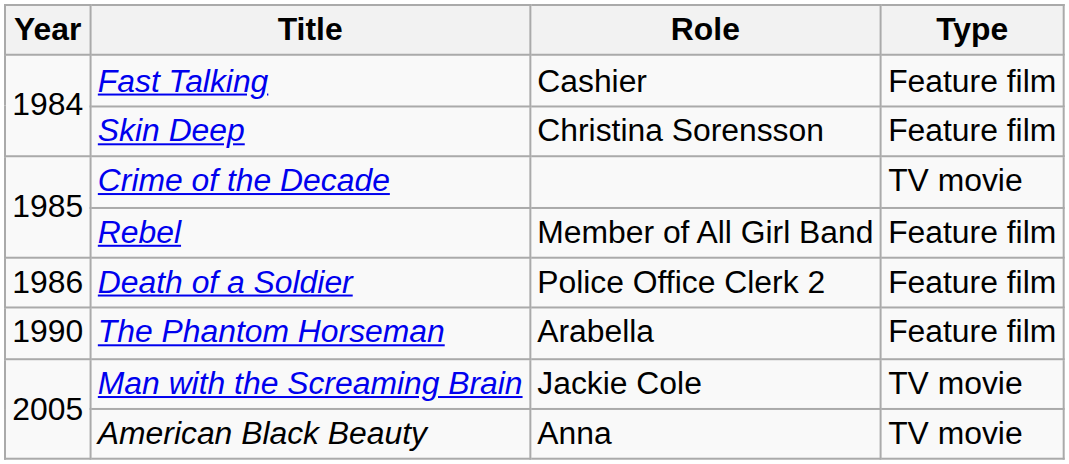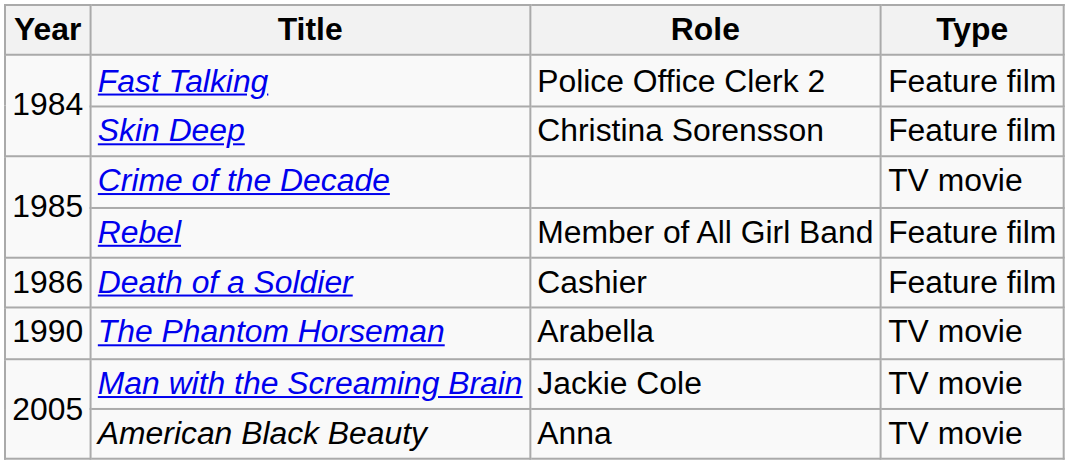 <table class="wikitable">
 <tr>
 <th>Year</th>
 <th>Title</th>
 <th>Role</th>
 <th>Type</th>
 </tr>
 <tr>
 <td rowspan=2>1984</td>
 <td><em><a href='#'>Fast Talking</a></em></td>
-<td>Cashier</td>
+<td>Police Office Clerk 2</td>
 <td>Feature film</td>
 </tr>
 <tr>
 <td><em><a href='#'>Skin Deep</a></em></td>
 <td>Christina Sorensson</td>
 <td>Feature film</td>
 </tr>
 <tr>
 <td rowspan=2>1985</td>
 <td><em><a href='#'>Crime of the Decade</a></em></td>
 <td></td>
 <td>TV movie</td>
 </tr>
 <tr>
 <td><em><a href='#'>Rebel</a></em></td>
 <td>Member of All Girl Band</td>
 <td>Feature film</td>
 </tr>
 <tr>
 <td>1986</td>
 <td><em><a href='#'>Death of a Soldier</a></em></td>
-<td>Police Office Clerk 2</td>
+<td>Cashier</td>
 <td>Feature film</td>
 </tr>
 <tr>
 <td>1990</td>
 <td><em><a href='#'>The Phantom Horseman</a></em></td>
 <td>Arabella</td>
-<td>Feature film</td>
+<td>TV movie</td>
 </tr>
 <tr>
 <td rowspan=2>2005</td>
 <td><em><a href='#'>Man with the Screaming Brain</a></em></td>
 <td>Jackie Cole</td>
 <td>TV movie</td>
 </tr>
 <tr>
 <td><em>American Black Beauty</em></td>
 <td>Anna</td>
 <td>TV movie</td>
 </tr>
 </table>
